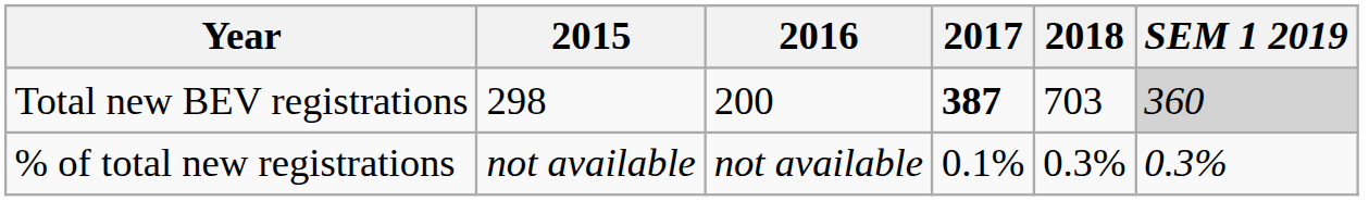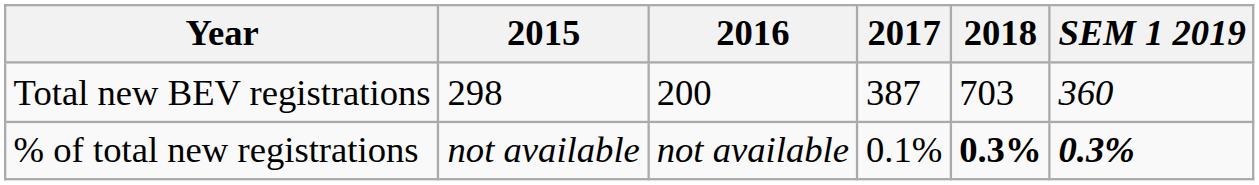 <table class="wikitable">
 <tr>
 <th>Year</th>
 <th>2015</th>
 <th>2016</th>
 <th>2017</th>
 <th>2018</th>
 <th><em>SEM 1 2019</em></th>
 </tr>
 <tr>
 <td>Total new BEV registrations</td>
 <td>298</td>
 <td>200</td>
-<td><strong>387</strong></td>
+<td>387</td>
 <td>703</td>
-<td style="background: lightgrey;"><em>360</em></td>
+<td><em>360</em></td>
 </tr>
 <tr>
 <td>% of total new registrations</td>
 <td><em>not available</em></td>
 <td><em>not available</em></td>
 <td>0.1%</td>
-<td>0.3%</td>
-<td><em>0.3%</em></td>
+<td><strong>0.3%</strong></td>
+<td><strong><em>0.3%</em></strong></td>
 </tr>
 </table>
